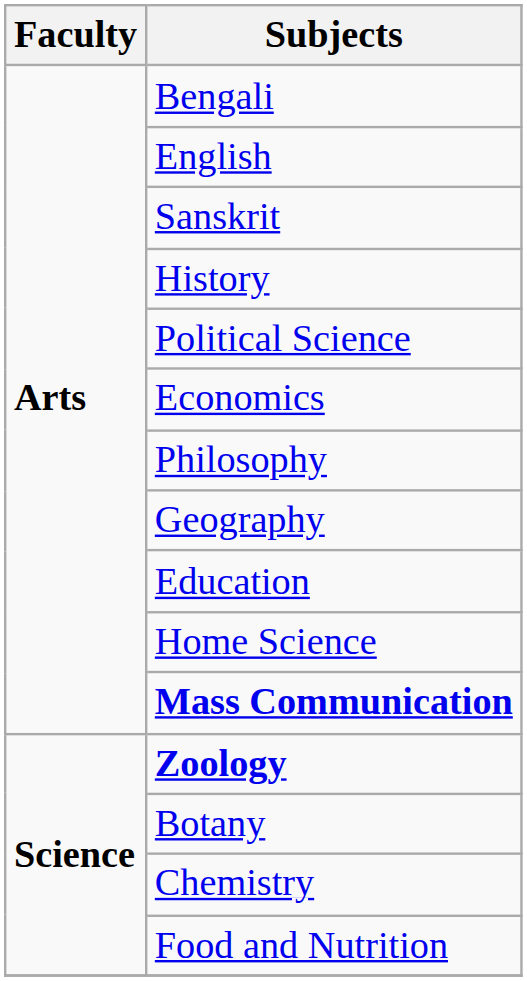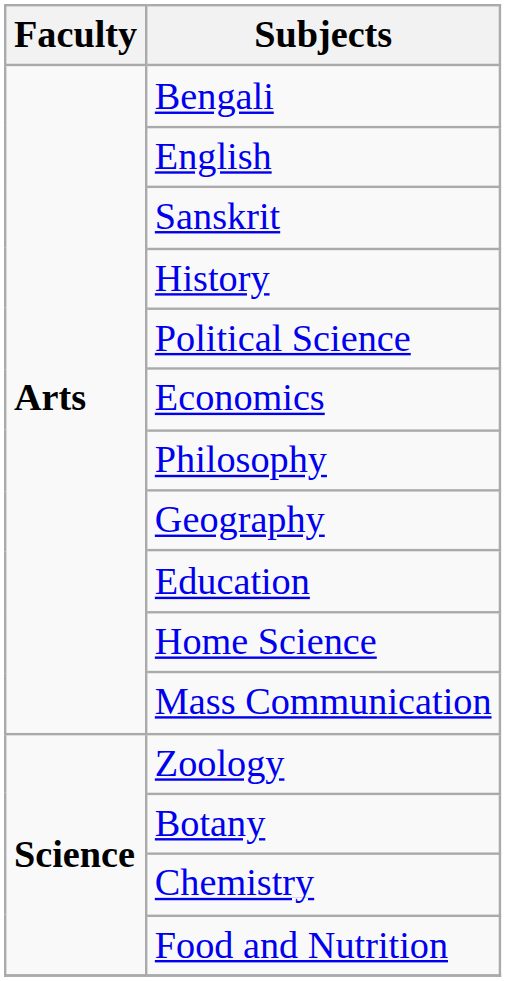 <table class="wikitable sortable">
 <tr>
 <th><strong>Faculty</strong></th>
 <th><strong>Subjects</strong></th>
 </tr>
 <tr>
 <td rowspan="11"><strong>Arts</strong></td>
 <td><a href='#'>Bengali</a></td>
 </tr>
 <tr>
 <td><a href='#'>English</a></td>
 </tr>
 <tr>
 <td><a href='#'>Sanskrit</a></td>
 </tr>
 <tr>
 <td><a href='#'>History</a></td>
 </tr>
 <tr>
 <td><a href='#'>Political Science</a></td>
 </tr>
 <tr>
 <td><a href='#'>Economics</a></td>
 </tr>
 <tr>
 <td><a href='#'>Philosophy</a></td>
 </tr>
 <tr>
 <td><a href='#'>Geography</a></td>
 </tr>
 <tr>
 <td><a href='#'>Education</a></td>
 </tr>
 <tr>
 <td><a href='#'>Home Science</a></td>
 </tr>
 <tr>
-<td><strong><a href='#'>Mass Communication</a></strong></td>
+<td><a href='#'>Mass Communication</a></td>
 </tr>
 <tr>
 <td rowspan="4"><strong>Science</strong></td>
-<td><strong><a href='#'>Zoology</a></strong></td>
+<td><a href='#'>Zoology</a></td>
 </tr>
 <tr>
 <td><a href='#'>Botany</a></td>
 </tr>
 <tr>
 <td><a href='#'>Chemistry</a></td>
 </tr>
 <tr>
 <td><a href='#'>Food and Nutrition</a></td>
 </tr>
 <tr>
 </tr>
 </table>
